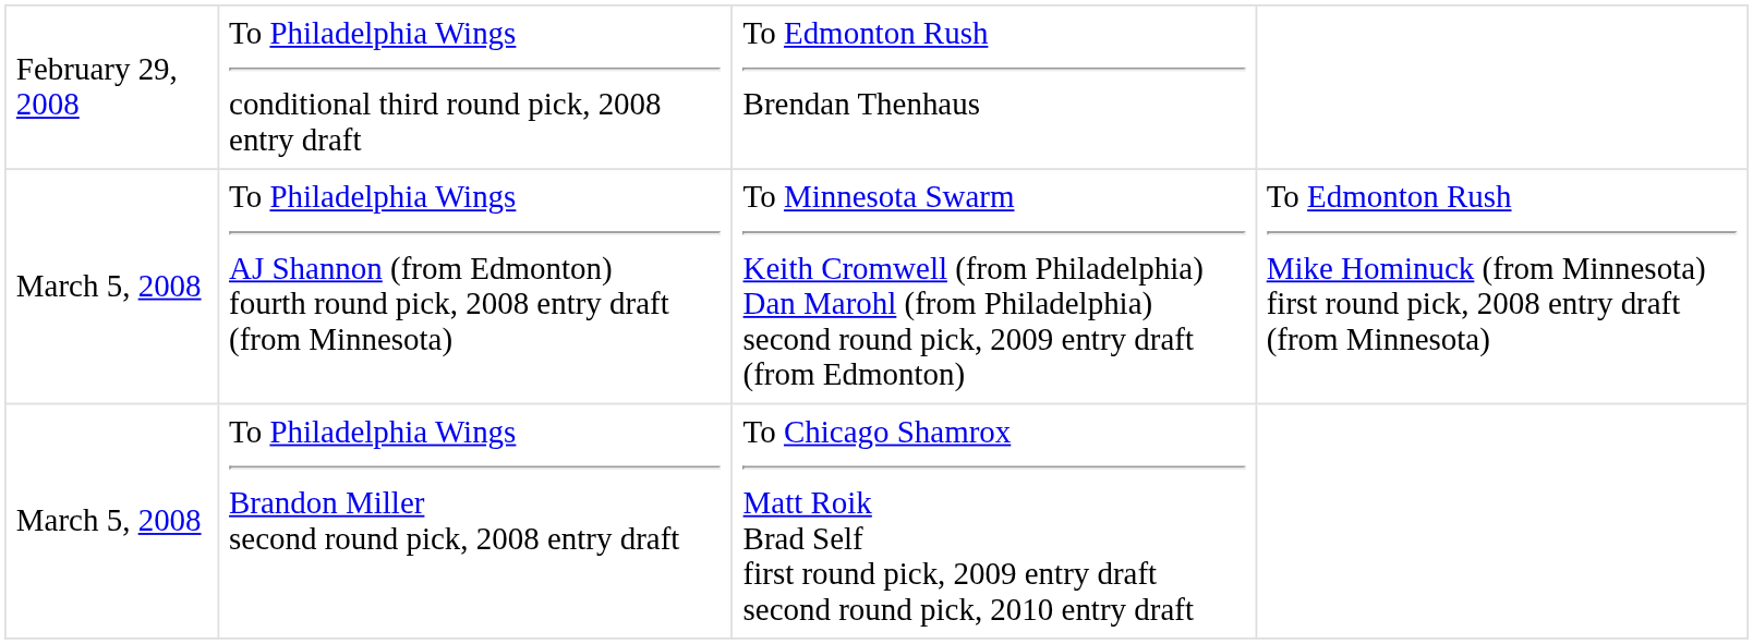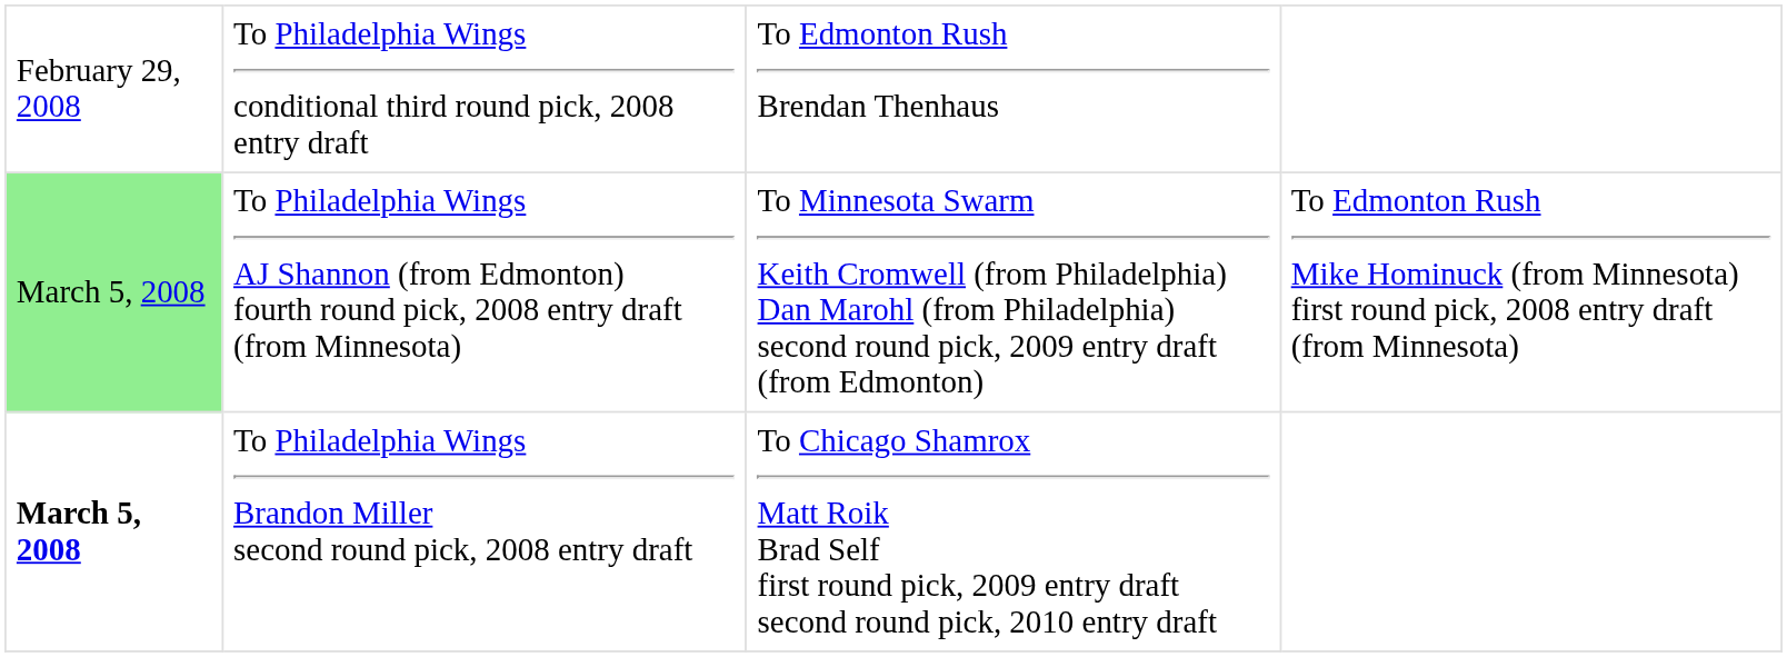 <table border=1 style="border-collapse:collapse" bordercolor="#DFDFDF"  cellpadding="5">
 <tr>
 <td>February 29, <a href='#'>2008</a><br></td>
 <td valign="top">To <a href='#'>Philadelphia Wings</a> <hr>conditional third round pick, 2008 entry draft</td>
 <td valign="top">To <a href='#'>Edmonton Rush</a> <hr>Brendan Thenhaus</td>
 </tr>
 <tr>
-<td>March 5, <a href='#'>2008</a><br></td>
+<td style="background: lightgreen;">March 5, <a href='#'>2008</a><br></td>
 <td valign="top">To <a href='#'>Philadelphia Wings</a> <hr><a href='#'>AJ Shannon</a> (from Edmonton)<br>fourth round pick, 2008 entry draft (from Minnesota)</td>
 <td valign="top">To <a href='#'>Minnesota Swarm</a> <hr><a href='#'>Keith Cromwell</a> (from Philadelphia)<br><a href='#'>Dan Marohl</a> (from Philadelphia)<br>second round pick, 2009 entry draft (from Edmonton)</td>
 <td valign="top">To <a href='#'>Edmonton Rush</a> <hr><a href='#'>Mike Hominuck</a> (from Minnesota)<br>first round pick, 2008 entry draft (from Minnesota)</td>
 </tr>
 <tr>
-<td>March 5, <a href='#'>2008</a></td>
+<td><strong>March 5, <a href='#'>2008</a></strong></td>
 <td valign="top">To <a href='#'>Philadelphia Wings</a> <hr> <a href='#'>Brandon Miller</a><br>second round pick, 2008 entry draft</td>
 <td valign="top">To <a href='#'>Chicago Shamrox</a> <hr><a href='#'>Matt Roik</a><br>Brad Self<br>first round pick, 2009 entry draft<br>second round pick, 2010 entry draft</td>
 </tr>
 </table>
